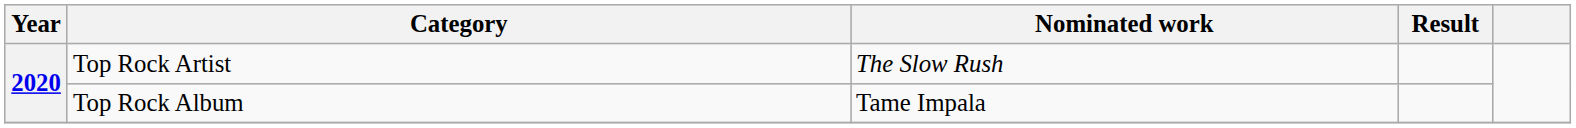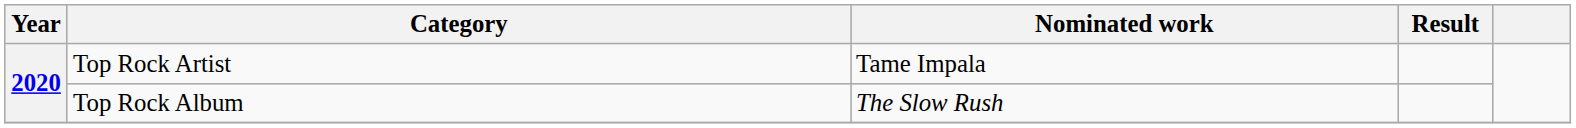 <table class="wikitable plainrowheaders" style="width:80%;">
 <tr>
 <th scope="col" style="width:4%;">Year</th>
 <th scope="col" style="width:50%;">Category</th>
 <th scope="col" style="width:35%;">Nominated work</th>
 <th scope="col" style="width:6%;">Result</th>
 <th scope="col" style="width:6%;"></th>
 </tr>
 <tr>
 <th scope="row" rowspan="2"><a href='#'>2020</a></th>
 <td>Top Rock Artist</td>
-<td><em>The Slow Rush</em></td>
+<td>Tame Impala</td>
 <td></td>
 <td style="text-align:center;" rowspan="2"></td>
 </tr>
 <tr>
 <td>Top Rock Album</td>
-<td>Tame Impala</td>
+<td><em>The Slow Rush</em></td>
 <td></td>
 </tr>
 <tr>
 </tr>
 </table>
